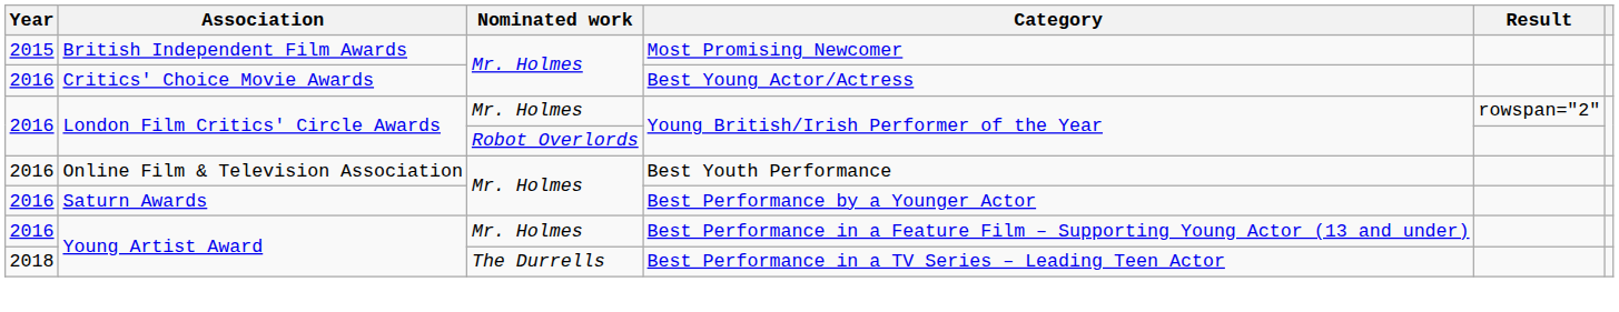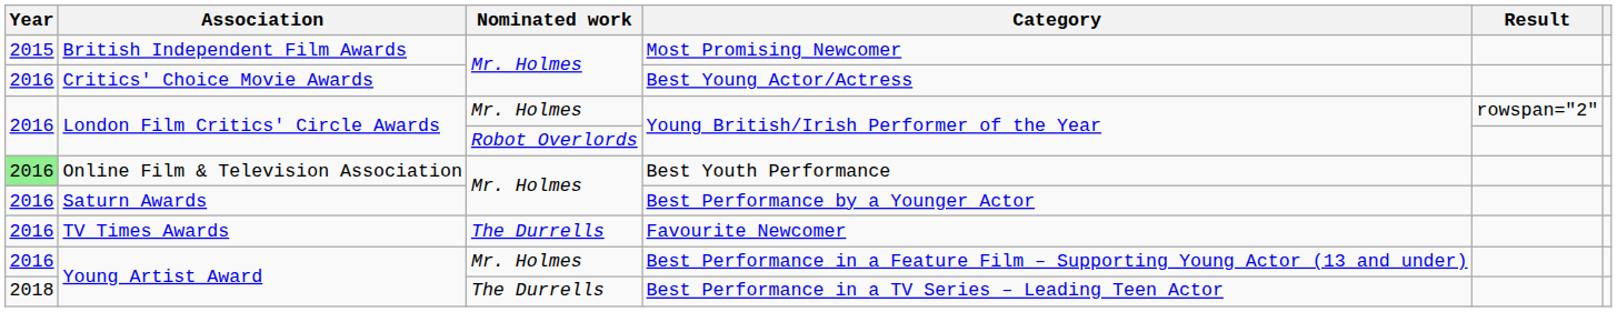 <table class="wikitable sortable">
 <tr>
 <th>Year</th>
 <th>Association</th>
 <th>Nominated work</th>
 <th>Category</th>
 <th>Result</th>
 <th scope="col" class="unsortable"></th>
 </tr>
 <tr>
 <td><a href='#'>2015</a></td>
 <td><a href='#'>British Independent Film Awards</a></td>
 <td rowspan="2"><em><a href='#'>Mr. Holmes</a></em></td>
 <td><a href='#'>Most Promising Newcomer</a></td>
 <td></td>
 <td style="text-align:center;"></td>
 </tr>
 <tr>
 <td><a href='#'>2016</a></td>
 <td><a href='#'>Critics' Choice Movie Awards</a></td>
 <td><a href='#'>Best Young Actor/Actress</a></td>
 <td></td>
 <td style="text-align:center;"></td>
 </tr>
 <tr>
 <td rowspan="2"><a href='#'>2016</a></td>
 <td rowspan="2"><a href='#'>London Film Critics' Circle Awards</a></td>
 <td><em>Mr. Holmes</em></td>
 <td rowspan="2"><a href='#'>Young British/Irish Performer of the Year</a></td>
 <td>rowspan="2"</td>
 <td style="text-align:center;" rowspan="2"></td>
 </tr>
 <tr>
 <td><em><a href='#'>Robot Overlords</a></em></td>
 </tr>
 <tr>
-<td>2016</td>
+<td style="background: lightgreen;">2016</td>
 <td>Online Film & Television Association</td>
 <td rowspan="2"><em>Mr. Holmes</em></td>
 <td>Best Youth Performance</td>
 <td></td>
 <td style="text-align:center;"></td>
 </tr>
 <tr>
 <td><a href='#'>2016</a></td>
 <td><a href='#'>Saturn Awards</a></td>
 <td><a href='#'>Best Performance by a Younger Actor</a></td>
+<td></td>
+<td style="text-align:center;"></td>
+</tr>
+<tr>
+<td><a href='#'>2016</a></td>
+<td><a href='#'>TV Times Awards</a></td>
+<td><em><a href='#'>The Durrells</a></em></td>
+<td><a href='#'>Favourite Newcomer</a></td>
 <td></td>
 <td style="text-align:center;"></td>
 </tr>
 <tr>
 <td><a href='#'>2016</a></td>
 <td rowspan="2"><a href='#'>Young Artist Award</a></td>
 <td><em>Mr. Holmes</em></td>
 <td><a href='#'>Best Performance in a Feature Film – Supporting Young Actor (13 and under)</a></td>
 <td></td>
 <td style="text-align:center;"></td>
 </tr>
 <tr>
 <td>2018</td>
 <td><em>The Durrells</em></td>
 <td><a href='#'>Best Performance in a TV Series – Leading Teen Actor</a></td>
 <td></td>
 <td style="text-align:center;"></td>
 </tr>
 </table>
